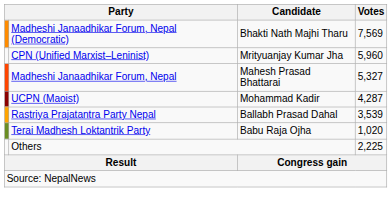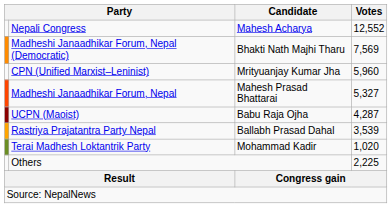 <table class="wikitable">
 <tr>
 <th colspan="2">Party</th>
 <th>Candidate</th>
 <th>Votes</th>
+</tr>
+<tr>
+<td style="background-color:"></td>
+<td><a href='#'>Nepali Congress</a></td>
+<td><a href='#'>Mahesh Acharya</a></td>
+<td>12,552</td>
 </tr>
 <tr>
 <td style="background-color:darkorange"></td>
 <td><a href='#'>Madheshi Janaadhikar Forum, Nepal (Democratic)</a></td>
 <td>Bhakti Nath Majhi Tharu</td>
 <td>7,569</td>
 </tr>
 <tr>
 <td style="background-color:"></td>
 <td><a href='#'>CPN (Unified Marxist–Leninist)</a></td>
 <td>Mrityuanjay Kumar Jha</td>
 <td>5,960</td>
 </tr>
 <tr>
 <td style="background-color:orangered"></td>
 <td><a href='#'>Madheshi Janaadhikar Forum, Nepal</a></td>
 <td>Mahesh Prasad Bhattarai</td>
 <td>5,327</td>
 </tr>
 <tr>
 <td style="background-color:darkred"></td>
 <td><a href='#'>UCPN (Maoist)</a></td>
-<td>Mohammad Kadir</td>
+<td>Babu Raja Ojha</td>
 <td>4,287</td>
 </tr>
 <tr>
 <td style="background-color:orange"></td>
 <td><a href='#'>Rastriya Prajatantra Party Nepal</a></td>
 <td>Ballabh Prasad Dahal</td>
 <td>3,539</td>
 </tr>
 <tr>
 <td style="background-color:olivedrab"></td>
 <td><a href='#'>Terai Madhesh Loktantrik Party</a></td>
-<td>Babu Raja Ojha</td>
+<td>Mohammad Kadir</td>
 <td>1,020</td>
 </tr>
 <tr>
 <td></td>
 <td colspan="2">Others</td>
 <td>2,225</td>
 </tr>
 <tr>
 <th colspan="2">Result</th>
 <th colspan="2">Congress gain</th>
 </tr>
 <tr>
 <td colspan="4">Source: NepalNews</td>
 </tr>
 </table>
